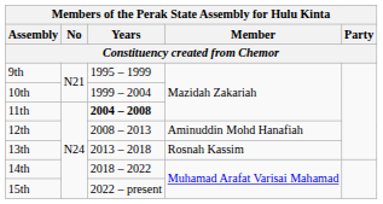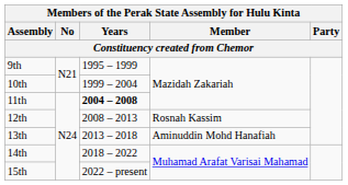 <table class="wikitable">
 <tr>
 <th colspan=5>Members of the Perak State Assembly for Hulu Kinta</th>
 </tr>
 <tr>
 <th>Assembly</th>
 <th>No</th>
 <th>Years</th>
 <th>Member</th>
 <th>Party</th>
 </tr>
 <tr>
 <th colspan=5><em>Constituency created from Chemor</em></th>
 </tr>
 <tr>
 <td>9th</td>
 <td rowspan=2>N21</td>
 <td>1995 – 1999</td>
 <td rowspan="3">Mazidah Zakariah</td>
 <td rowspan="5"></td>
 </tr>
 <tr>
 <td>10th</td>
 <td>1999 – 2004</td>
 </tr>
 <tr>
 <td>11th</td>
 <td rowspan=5>N24</td>
 <td><strong>2004 – 2008</strong></td>
 </tr>
 <tr>
 <td>12th</td>
 <td>2008 – 2013</td>
-<td>Aminuddin Mohd Hanafiah</td>
+<td>Rosnah Kassim</td>
 </tr>
 <tr>
 <td>13th</td>
 <td>2013 – 2018</td>
-<td>Rosnah Kassim</td>
+<td>Aminuddin Mohd Hanafiah</td>
 </tr>
 <tr>
 <td>14th</td>
 <td>2018 – 2022</td>
 <td rowspan="2"><a href='#'>Muhamad Arafat Varisai Mahamad</a></td>
 <td rowspan="2"></td>
 </tr>
 <tr>
 <td>15th</td>
 <td>2022 – present</td>
 </tr>
 </table>
